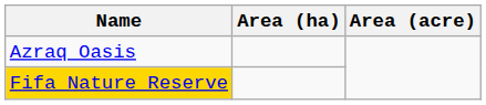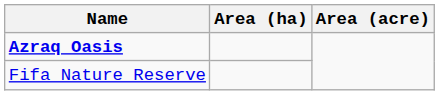 <table class="wikitable sortable">
 <tr>
 <th scope="col" align=left>Name</th>
 <th scope="col">Area (ha)</th>
 <th scope="col">Area (acre)</th>
 </tr>
 <tr ---->
-<td><a href='#'>Azraq Oasis</a></td>
+<td><strong><a href='#'>Azraq Oasis</a></strong></td>
 <td></td>
 </tr>
 <tr ---->
-<td style="background: gold;"><a href='#'>Fifa Nature Reserve</a></td>
+<td><a href='#'>Fifa Nature Reserve</a></td>
 <td></td>
 </tr>
 </table>
